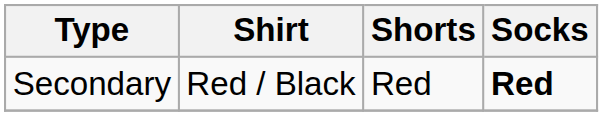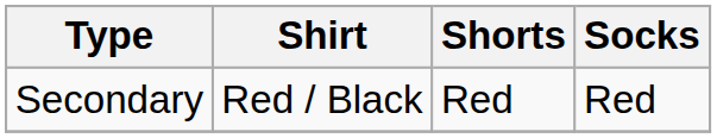 <table class="wikitable">
 <tr>
 <th>Type</th>
 <th>Shirt</th>
 <th>Shorts</th>
 <th>Socks</th>
 </tr>
 <tr>
 <td>Secondary</td>
 <td>Red / Black</td>
 <td>Red</td>
-<td><strong>Red</strong></td>
+<td>Red</td>
 </tr>
 <tr>
 </tr>
 </table>
